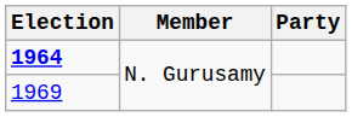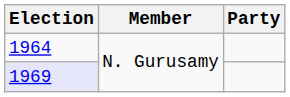 <table class="wikitable sortable">
 <tr>
 <th>Election</th>
 <th>Member</th>
 <th colspan=2>Party</th>
 </tr>
 <tr>
-<td><strong><a href='#'>1964</a></strong></td>
+<td><a href='#'>1964</a></td>
 <td rowspan=2>N. Gurusamy</td>
 <td></td>
 </tr>
 <tr>
-<td><a href='#'>1969</a></td>
+<td style="background: lavender;"><a href='#'>1969</a></td>
 <td></td>
 </tr>
 </table>
